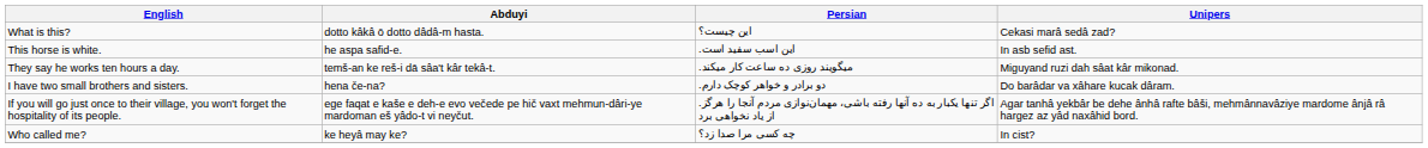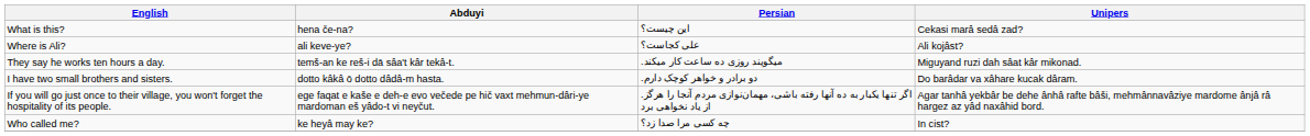 <table class="wikitable" style="font-size: 95%">
 <tr>
 <th><a href='#'>English</a></th>
 <th>Abduyi</th>
 <th><a href='#'>Persian</a></th>
 <th><a href='#'>Unipers</a></th>
 </tr>
 <tr>
 <td>What is this?</td>
-<td>dotto kâkâ ō dotto dâdâ-m hasta.</td>
+<td>hena če-na?</td>
 <td>این چیست؟</td>
 <td>Cekasi marâ sedâ zad?</td>
 </tr>
 <tr>
-<td>This horse is white.</td>
-<td>he aspa safid-e.</td>
-<td>.این اسب سفید است</td>
-<td>In asb sefid ast.</td>
+<td>Where is Ali?</td>
+<td>ali keve-ye?</td>
+<td>علی کجاست؟</td>
+<td>Ali kojâst?</td>
 </tr>
 <tr>
 <td>They say he works ten hours a day.</td>
 <td>temš-an ke reš-i dā sâa't kâr tekâ-t.</td>
 <td>.میگویند روزی ده ساعت کار میکند</td>
 <td>Miguyand ruzi dah sâat kâr mikonad.</td>
 </tr>
 <tr>
 <td>I have two small brothers and sisters.</td>
-<td>hena če-na?</td>
+<td>dotto kâkâ ō dotto dâdâ-m hasta.</td>
 <td>.دو برادر و خواهر کوچک دارم</td>
 <td>Do barâdar va xâhare kucak dâram.</td>
 </tr>
 <tr>
 <td>If you will go just once to their village, you won't forget the hospitality of its people.</td>
 <td>ege faqat e kaše e deh-e evo večede pe hič vaxt mehmun-dâri-ye mardoman  eš yâdo-t vi neyčut.</td>
 <td>.اگر تنها یکبار به ده آنها رفته باشی، مهمان‌نوازی مردم آنجا را هرگز از یاد نخواهی برد</td>
 <td>Agar tanhâ yekbâr be dehe ânhâ rafte bâši, mehmânnavâziye mardome ânjâ râ hargez az yâd naxâhid bord.</td>
 </tr>
 <tr>
 <td>Who called me?</td>
 <td>ke heyâ may ke?</td>
 <td>چه کسی مرا صدا زد؟</td>
 <td>In cist?</td>
 </tr>
 <tr>
 </tr>
 </table>
